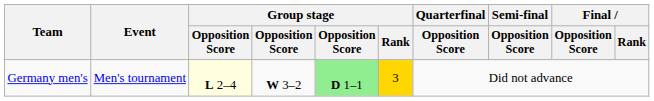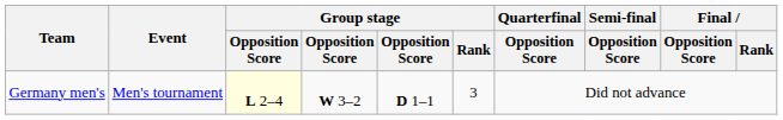 <table class="wikitable" style="font-size:90%">
 <tr>
 <th rowspan=2>Team</th>
 <th rowspan=2>Event</th>
 <th colspan=4>Group stage</th>
 <th>Quarterfinal</th>
 <th>Semi-final</th>
 <th colspan=2>Final / </th>
 </tr>
 <tr style="font-size:95%">
 <th>Opposition<br>Score</th>
 <th>Opposition<br>Score</th>
 <th>Opposition<br>Score</th>
 <th>Rank</th>
 <th>Opposition<br>Score</th>
 <th>Opposition<br>Score</th>
 <th>Opposition<br>Score</th>
 <th>Rank</th>
 </tr>
 <tr align=center>
 <td align=left><a href='#'>Germany men's</a></td>
 <td align=left><a href='#'>Men's tournament</a></td>
 <td style="background: lightyellow;"><br><strong>L</strong> 2–4</td>
 <td><br><strong>W</strong> 3–2</td>
-<td style="background: lightgreen;"><br><strong>D</strong> 1–1</td>
-<td style="background: gold;">3</td>
+<td><br><strong>D</strong> 1–1</td>
+<td>3</td>
 <td colspan=4>Did not advance</td>
 </tr>
 </table>
